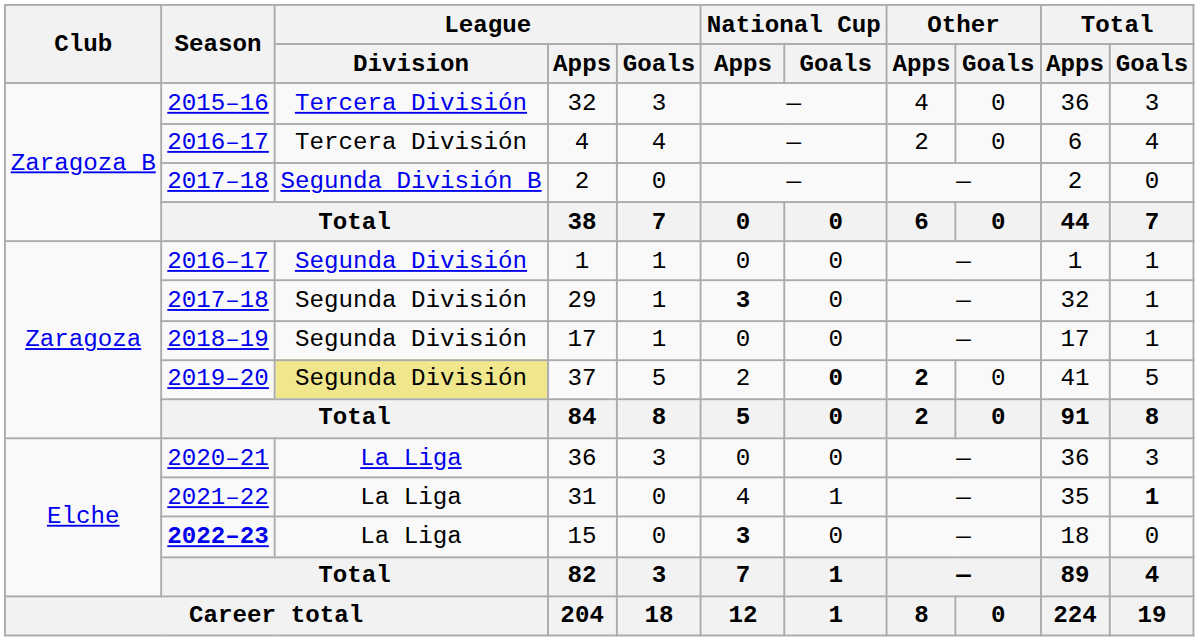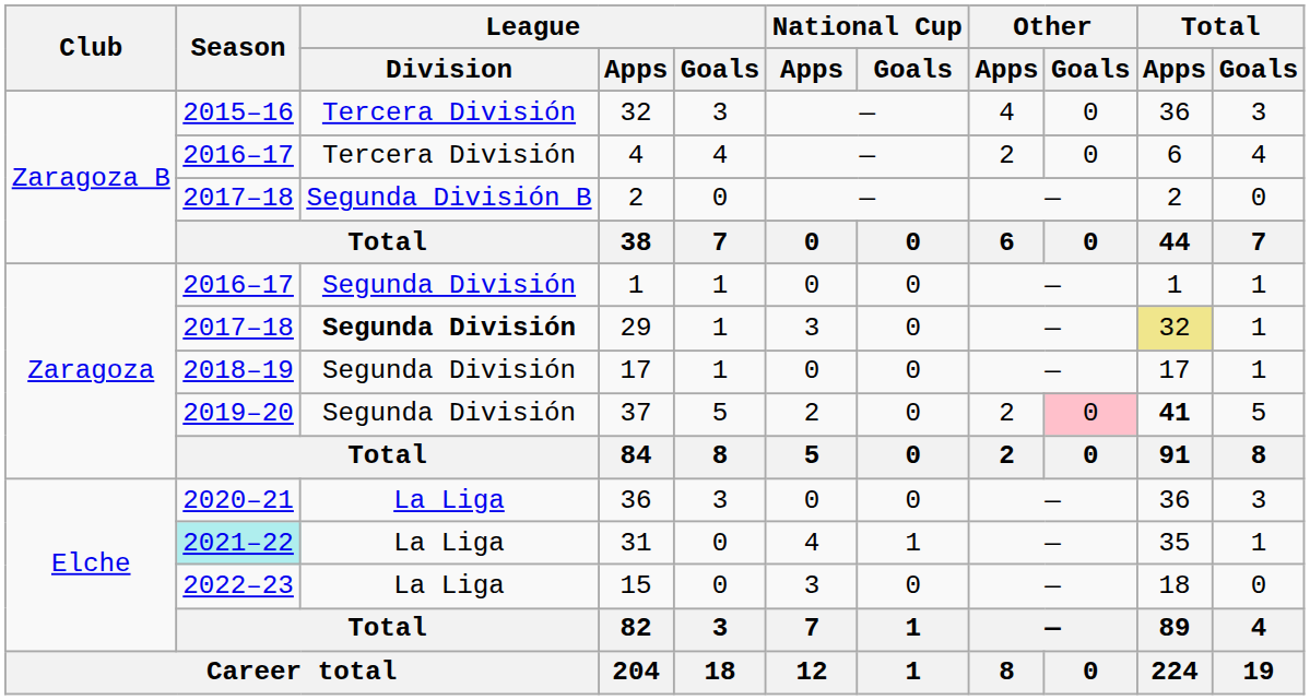 <table class="wikitable" style="text-align:center">
 <tr>
 <th rowspan="2">Club</th>
 <th rowspan="2">Season</th>
 <th colspan="3">League</th>
 <th colspan="2">National Cup</th>
 <th colspan="2">Other</th>
 <th colspan="2">Total</th>
 </tr>
 <tr>
 <th>Division</th>
 <th>Apps</th>
 <th>Goals</th>
 <th>Apps</th>
 <th>Goals</th>
 <th>Apps</th>
 <th>Goals</th>
 <th>Apps</th>
 <th>Goals</th>
 </tr>
 <tr>
 <td rowspan="4"><a href='#'>Zaragoza B</a></td>
 <td><a href='#'>2015–16</a></td>
 <td><a href='#'>Tercera División</a></td>
 <td>32</td>
 <td>3</td>
 <td colspan="2">—</td>
 <td>4</td>
 <td>0</td>
 <td>36</td>
 <td>3</td>
 </tr>
 <tr>
 <td><a href='#'>2016–17</a></td>
 <td>Tercera División</td>
 <td>4</td>
 <td>4</td>
 <td colspan="2">—</td>
 <td>2</td>
 <td>0</td>
 <td>6</td>
 <td>4</td>
 </tr>
 <tr>
 <td><a href='#'>2017–18</a></td>
 <td><a href='#'>Segunda División B</a></td>
 <td>2</td>
 <td>0</td>
 <td colspan="2">—</td>
 <td colspan="2">—</td>
 <td>2</td>
 <td>0</td>
 </tr>
 <tr>
 <th colspan="2">Total</th>
 <th>38</th>
 <th>7</th>
 <th>0</th>
 <th>0</th>
 <th>6</th>
 <th>0</th>
 <th>44</th>
 <th>7</th>
 </tr>
 <tr>
 <td rowspan="5"><a href='#'>Zaragoza</a></td>
 <td><a href='#'>2016–17</a></td>
 <td><a href='#'>Segunda División</a></td>
 <td>1</td>
 <td>1</td>
 <td>0</td>
 <td>0</td>
 <td colspan="2">—</td>
 <td>1</td>
 <td>1</td>
 </tr>
 <tr>
 <td><a href='#'>2017–18</a></td>
-<td>Segunda División</td>
+<td><strong>Segunda División</strong></td>
 <td>29</td>
 <td>1</td>
-<td><strong>3</strong></td>
+<td>3</td>
 <td>0</td>
 <td colspan="2">—</td>
-<td>32</td>
+<td style="background: khaki;">32</td>
 <td>1</td>
 </tr>
 <tr>
 <td><a href='#'>2018–19</a></td>
 <td>Segunda División</td>
 <td>17</td>
 <td>1</td>
 <td>0</td>
 <td>0</td>
 <td colspan="2">—</td>
 <td>17</td>
 <td>1</td>
 </tr>
 <tr>
 <td><a href='#'>2019–20</a></td>
-<td style="background: khaki;">Segunda División</td>
+<td>Segunda División</td>
 <td>37</td>
 <td>5</td>
 <td>2</td>
-<td><strong>0</strong></td>
-<td><strong>2</strong></td>
 <td>0</td>
-<td>41</td>
+<td>2</td>
+<td style="background: pink;">0</td>
+<td><strong>41</strong></td>
 <td>5</td>
 </tr>
 <tr>
 <th colspan="2">Total</th>
 <th>84</th>
 <th>8</th>
 <th>5</th>
 <th>0</th>
 <th>2</th>
 <th>0</th>
 <th>91</th>
 <th>8</th>
 </tr>
 <tr>
 <td rowspan="4"><a href='#'>Elche</a></td>
 <td><a href='#'>2020–21</a></td>
 <td><a href='#'>La Liga</a></td>
 <td>36</td>
 <td>3</td>
 <td>0</td>
 <td>0</td>
 <td colspan="2">—</td>
 <td>36</td>
 <td>3</td>
 </tr>
 <tr>
-<td><a href='#'>2021–22</a></td>
+<td style="background: paleturquoise;"><a href='#'>2021–22</a></td>
 <td>La Liga</td>
 <td>31</td>
 <td>0</td>
 <td>4</td>
 <td>1</td>
 <td colspan="2">—</td>
 <td>35</td>
-<td><strong>1</strong></td>
+<td>1</td>
 </tr>
 <tr>
-<td><strong><a href='#'>2022–23</a></strong></td>
+<td><a href='#'>2022–23</a></td>
 <td>La Liga</td>
 <td>15</td>
 <td>0</td>
-<td><strong>3</strong></td>
+<td>3</td>
 <td>0</td>
 <td colspan="2">—</td>
 <td>18</td>
 <td>0</td>
 </tr>
 <tr>
 <th colspan="2">Total</th>
 <th>82</th>
 <th>3</th>
 <th>7</th>
 <th>1</th>
 <th colspan="2">—</th>
 <th>89</th>
 <th>4</th>
 </tr>
 <tr>
 <th colspan="3">Career total</th>
 <th>204</th>
 <th>18</th>
 <th>12</th>
 <th>1</th>
 <th>8</th>
 <th>0</th>
 <th>224</th>
 <th>19</th>
 </tr>
 </table>
